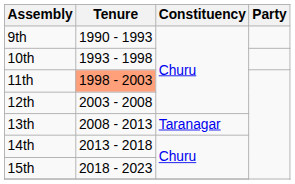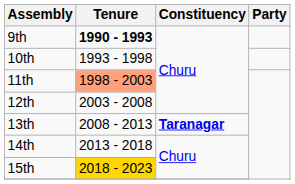 <table class = "wikitable sortable">
 <tr>
 <th>Assembly</th>
 <th>Tenure</th>
 <th>Constituency</th>
 <th colspan=2>Party</th>
 </tr>
 <tr>
 <td>9th</td>
-<td>1990 - 1993</td>
+<td><strong>1990 - 1993</strong></td>
 <td rowspan=4><a href='#'>Churu</a></td>
 <td></td>
 </tr>
 <tr>
 <td>10th</td>
 <td>1993 - 1998</td>
 <td></td>
 </tr>
 <tr>
 <td>11th</td>
 <td style="background: lightsalmon;">1998 - 2003</td>
 </tr>
 <tr>
 <td>12th</td>
 <td>2003 - 2008</td>
 </tr>
 <tr>
 <td>13th</td>
 <td>2008 - 2013</td>
-<td><a href='#'>Taranagar</a></td>
+<td><strong><a href='#'>Taranagar</a></strong></td>
 </tr>
 <tr>
 <td>14th</td>
 <td>2013 - 2018</td>
 <td rowspan=2><a href='#'>Churu</a></td>
 </tr>
 <tr>
 <td>15th</td>
-<td>2018 - 2023</td>
+<td style="background: gold;">2018 - 2023</td>
 </tr>
 <tr>
 </tr>
 </table>
